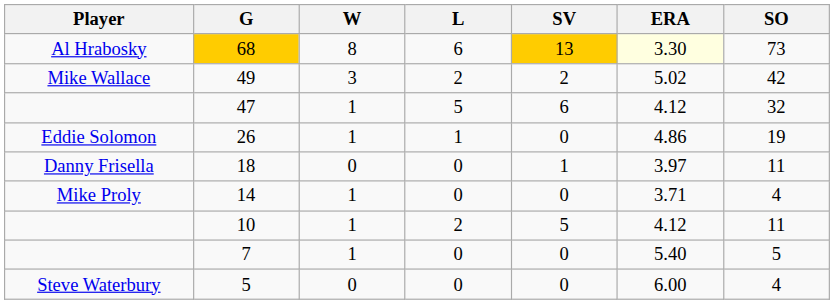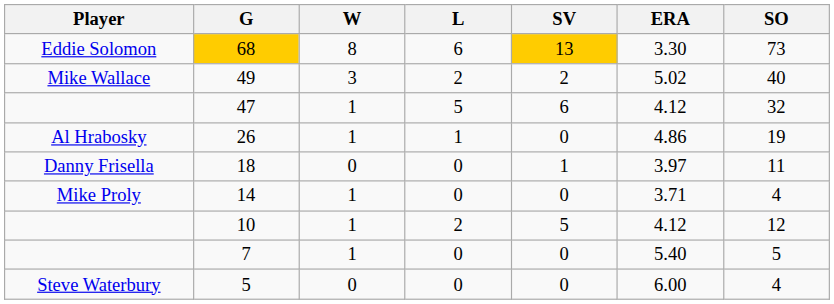 <table class="wikitable sortable">
 <tr>
 <th bgcolor="#DDDDFF" width="16%">Player</th>
 <th bgcolor="#DDDDFF" width="9%">G</th>
 <th bgcolor="#DDDDFF" width="9%">W</th>
 <th bgcolor="#DDDDFF" width="9%">L</th>
 <th bgcolor="#DDDDFF" width="9%">SV</th>
 <th bgcolor="#DDDDFF" width="9%">ERA</th>
 <th bgcolor="#DDDDFF" width="9%">SO</th>
 </tr>
 <tr align="center">
-<td><a href='#'>Al Hrabosky</a></td>
+<td><a href='#'>Eddie Solomon</a></td>
 <td style="background:#fc0;">68</td>
 <td>8</td>
 <td>6</td>
 <td style="background:#fc0;">13</td>
-<td style="background: lightyellow;">3.30</td>
+<td>3.30</td>
 <td>73</td>
 </tr>
 <tr align=center>
 <td><a href='#'>Mike Wallace</a></td>
 <td>49</td>
 <td>3</td>
 <td>2</td>
 <td>2</td>
 <td>5.02</td>
-<td>42</td>
+<td>40</td>
 </tr>
 <tr align=center>
 <td></td>
 <td>47</td>
 <td>1</td>
 <td>5</td>
 <td>6</td>
 <td>4.12</td>
 <td>32</td>
 </tr>
 <tr align="center">
-<td><a href='#'>Eddie Solomon</a></td>
+<td><a href='#'>Al Hrabosky</a></td>
 <td>26</td>
 <td>1</td>
 <td>1</td>
 <td>0</td>
 <td>4.86</td>
 <td>19</td>
 </tr>
 <tr align=center>
 <td><a href='#'>Danny Frisella</a></td>
 <td>18</td>
 <td>0</td>
 <td>0</td>
 <td>1</td>
 <td>3.97</td>
 <td>11</td>
 </tr>
 <tr align=center>
 <td><a href='#'>Mike Proly</a></td>
 <td>14</td>
 <td>1</td>
 <td>0</td>
 <td>0</td>
 <td>3.71</td>
 <td>4</td>
 </tr>
 <tr align=center>
 <td></td>
 <td>10</td>
 <td>1</td>
 <td>2</td>
 <td>5</td>
 <td>4.12</td>
-<td>11</td>
+<td>12</td>
 </tr>
 <tr align="center">
 <td></td>
 <td>7</td>
 <td>1</td>
 <td>0</td>
 <td>0</td>
 <td>5.40</td>
 <td>5</td>
 </tr>
 <tr align="center">
 <td><a href='#'>Steve Waterbury</a></td>
 <td>5</td>
 <td>0</td>
 <td>0</td>
 <td>0</td>
 <td>6.00</td>
 <td>4</td>
 </tr>
 </table>
